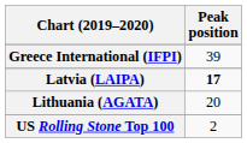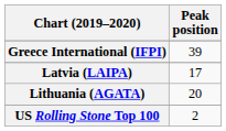 <table class="wikitable sortable plainrowheaders" style="text-align:center">
 <tr>
 <th scope="col">Chart (2019–2020)</th>
 <th scope="col">Peak<br>position</th>
 </tr>
 <tr>
 </tr>
 <tr>
 </tr>
 <tr>
 </tr>
 <tr>
 </tr>
 <tr>
 </tr>
 <tr>
 </tr>
 <tr>
 <th scope="row">Greece International (<a href='#'>IFPI</a>)</th>
 <td>39</td>
 </tr>
 <tr>
 </tr>
 <tr>
 </tr>
 <tr>
 </tr>
 <tr>
 <th scope="row">Latvia (<a href='#'>LAIPA</a>)</th>
-<td><strong>17</strong></td>
+<td>17</td>
 </tr>
 <tr>
 <th scope="row">Lithuania (<a href='#'>AGATA</a>)</th>
 <td>20</td>
 </tr>
 <tr>
 </tr>
 <tr>
 </tr>
 <tr>
 </tr>
 <tr>
 </tr>
 <tr>
 </tr>
 <tr>
 </tr>
 <tr>
 </tr>
 <tr>
 </tr>
 <tr>
 </tr>
 <tr>
 </tr>
 <tr>
 <th scope="row">US <a href='#'><em>Rolling Stone</em> Top 100</a></th>
 <td>2</td>
 </tr>
 </table>
